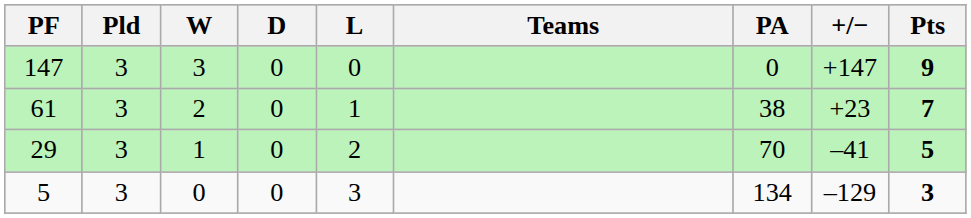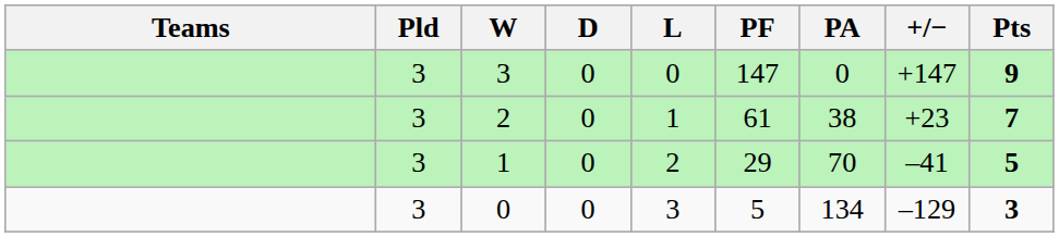 <table class="wikitable" style="text-align: center;">
 <tr>
-<th width="40">PF</th>
+<th width="200">Teams</th>
 <th width="40">Pld</th>
 <th width="40">W</th>
 <th width="40">D</th>
 <th width="40">L</th>
-<th width="200">Teams</th>
+<th width="40">PF</th>
 <th width="40">PA</th>
 <th width="40">+/−</th>
 <th width="40">Pts</th>
 </tr>
 <tr style="background-color:#bbf3bb;">
-<td>147</td>
+<td align=left></td>
 <td>3</td>
 <td>3</td>
 <td>0</td>
 <td>0</td>
-<td align=left></td>
+<td>147</td>
 <td>0</td>
 <td>+147</td>
 <td><strong>9</strong></td>
 </tr>
 <tr style="background-color:#bbf3bb;">
-<td>61</td>
+<td align=left></td>
 <td>3</td>
 <td>2</td>
 <td>0</td>
 <td>1</td>
-<td align=left></td>
+<td>61</td>
 <td>38</td>
 <td>+23</td>
 <td><strong>7</strong></td>
 </tr>
 <tr style="background-color:#bbf3bb;">
-<td>29</td>
+<td align=left></td>
 <td>3</td>
 <td>1</td>
 <td>0</td>
 <td>2</td>
-<td align=left></td>
+<td>29</td>
 <td>70</td>
 <td>–41</td>
 <td><strong>5</strong></td>
 </tr>
 <tr>
-<td>5</td>
+<td align=left></td>
 <td>3</td>
 <td>0</td>
 <td>0</td>
 <td>3</td>
-<td align=left></td>
+<td>5</td>
 <td>134</td>
 <td>–129</td>
 <td><strong>3</strong></td>
 </tr>
 </table>
